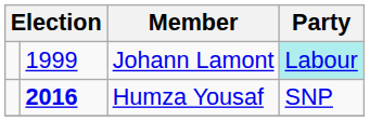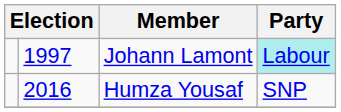 <table class="wikitable">
 <tr>
 <th colspan="2">Election</th>
 <th>Member</th>
 <th>Party</th>
 </tr>
 <tr>
 <td style="background-color: "></td>
-<td><a href='#'>1999</a></td>
+<td><a href='#'>1997</a></td>
 <td><a href='#'>Johann Lamont</a></td>
 <td style="background: paleturquoise;"><a href='#'>Labour</a></td>
 </tr>
 <tr>
 <td style="background-color: "></td>
-<td><strong><a href='#'>2016</a></strong></td>
+<td><a href='#'>2016</a></td>
 <td><a href='#'>Humza Yousaf</a></td>
 <td><a href='#'>SNP</a></td>
 </tr>
 <tr>
 </tr>
 </table>
